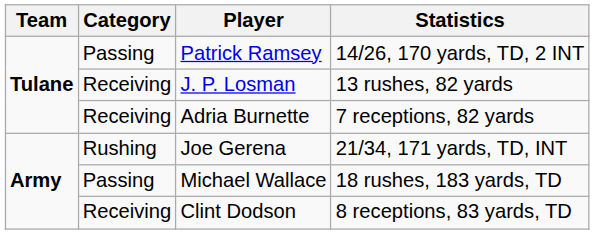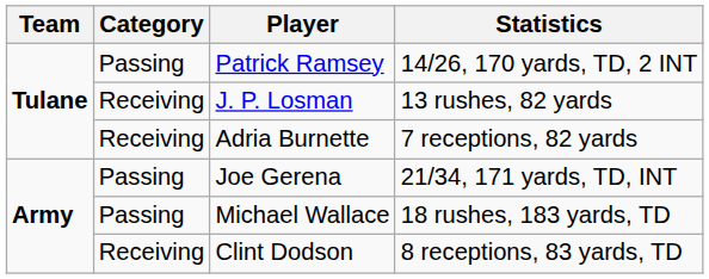 <table class="wikitable" style="float: right;">
 <tr>
 <th>Team</th>
 <th>Category</th>
 <th>Player</th>
 <th>Statistics</th>
 </tr>
 <tr>
 <td rowspan=3><strong>Tulane</strong></td>
 <td>Passing</td>
 <td><a href='#'>Patrick Ramsey</a></td>
 <td>14/26, 170 yards, TD, 2 INT</td>
 </tr>
 <tr>
 <td>Receiving</td>
 <td><a href='#'>J. P. Losman</a></td>
 <td>13 rushes, 82 yards</td>
 </tr>
 <tr>
 <td>Receiving</td>
 <td>Adria Burnette</td>
 <td>7 receptions, 82 yards</td>
 </tr>
 <tr>
 <td rowspan=3><strong>Army</strong></td>
-<td>Rushing</td>
+<td>Passing</td>
 <td>Joe Gerena</td>
 <td>21/34, 171 yards, TD, INT</td>
 </tr>
 <tr>
 <td>Passing</td>
 <td>Michael Wallace</td>
 <td>18 rushes, 183 yards, TD</td>
 </tr>
 <tr>
 <td>Receiving</td>
 <td>Clint Dodson</td>
 <td>8 receptions, 83 yards, TD</td>
 </tr>
 </table>
